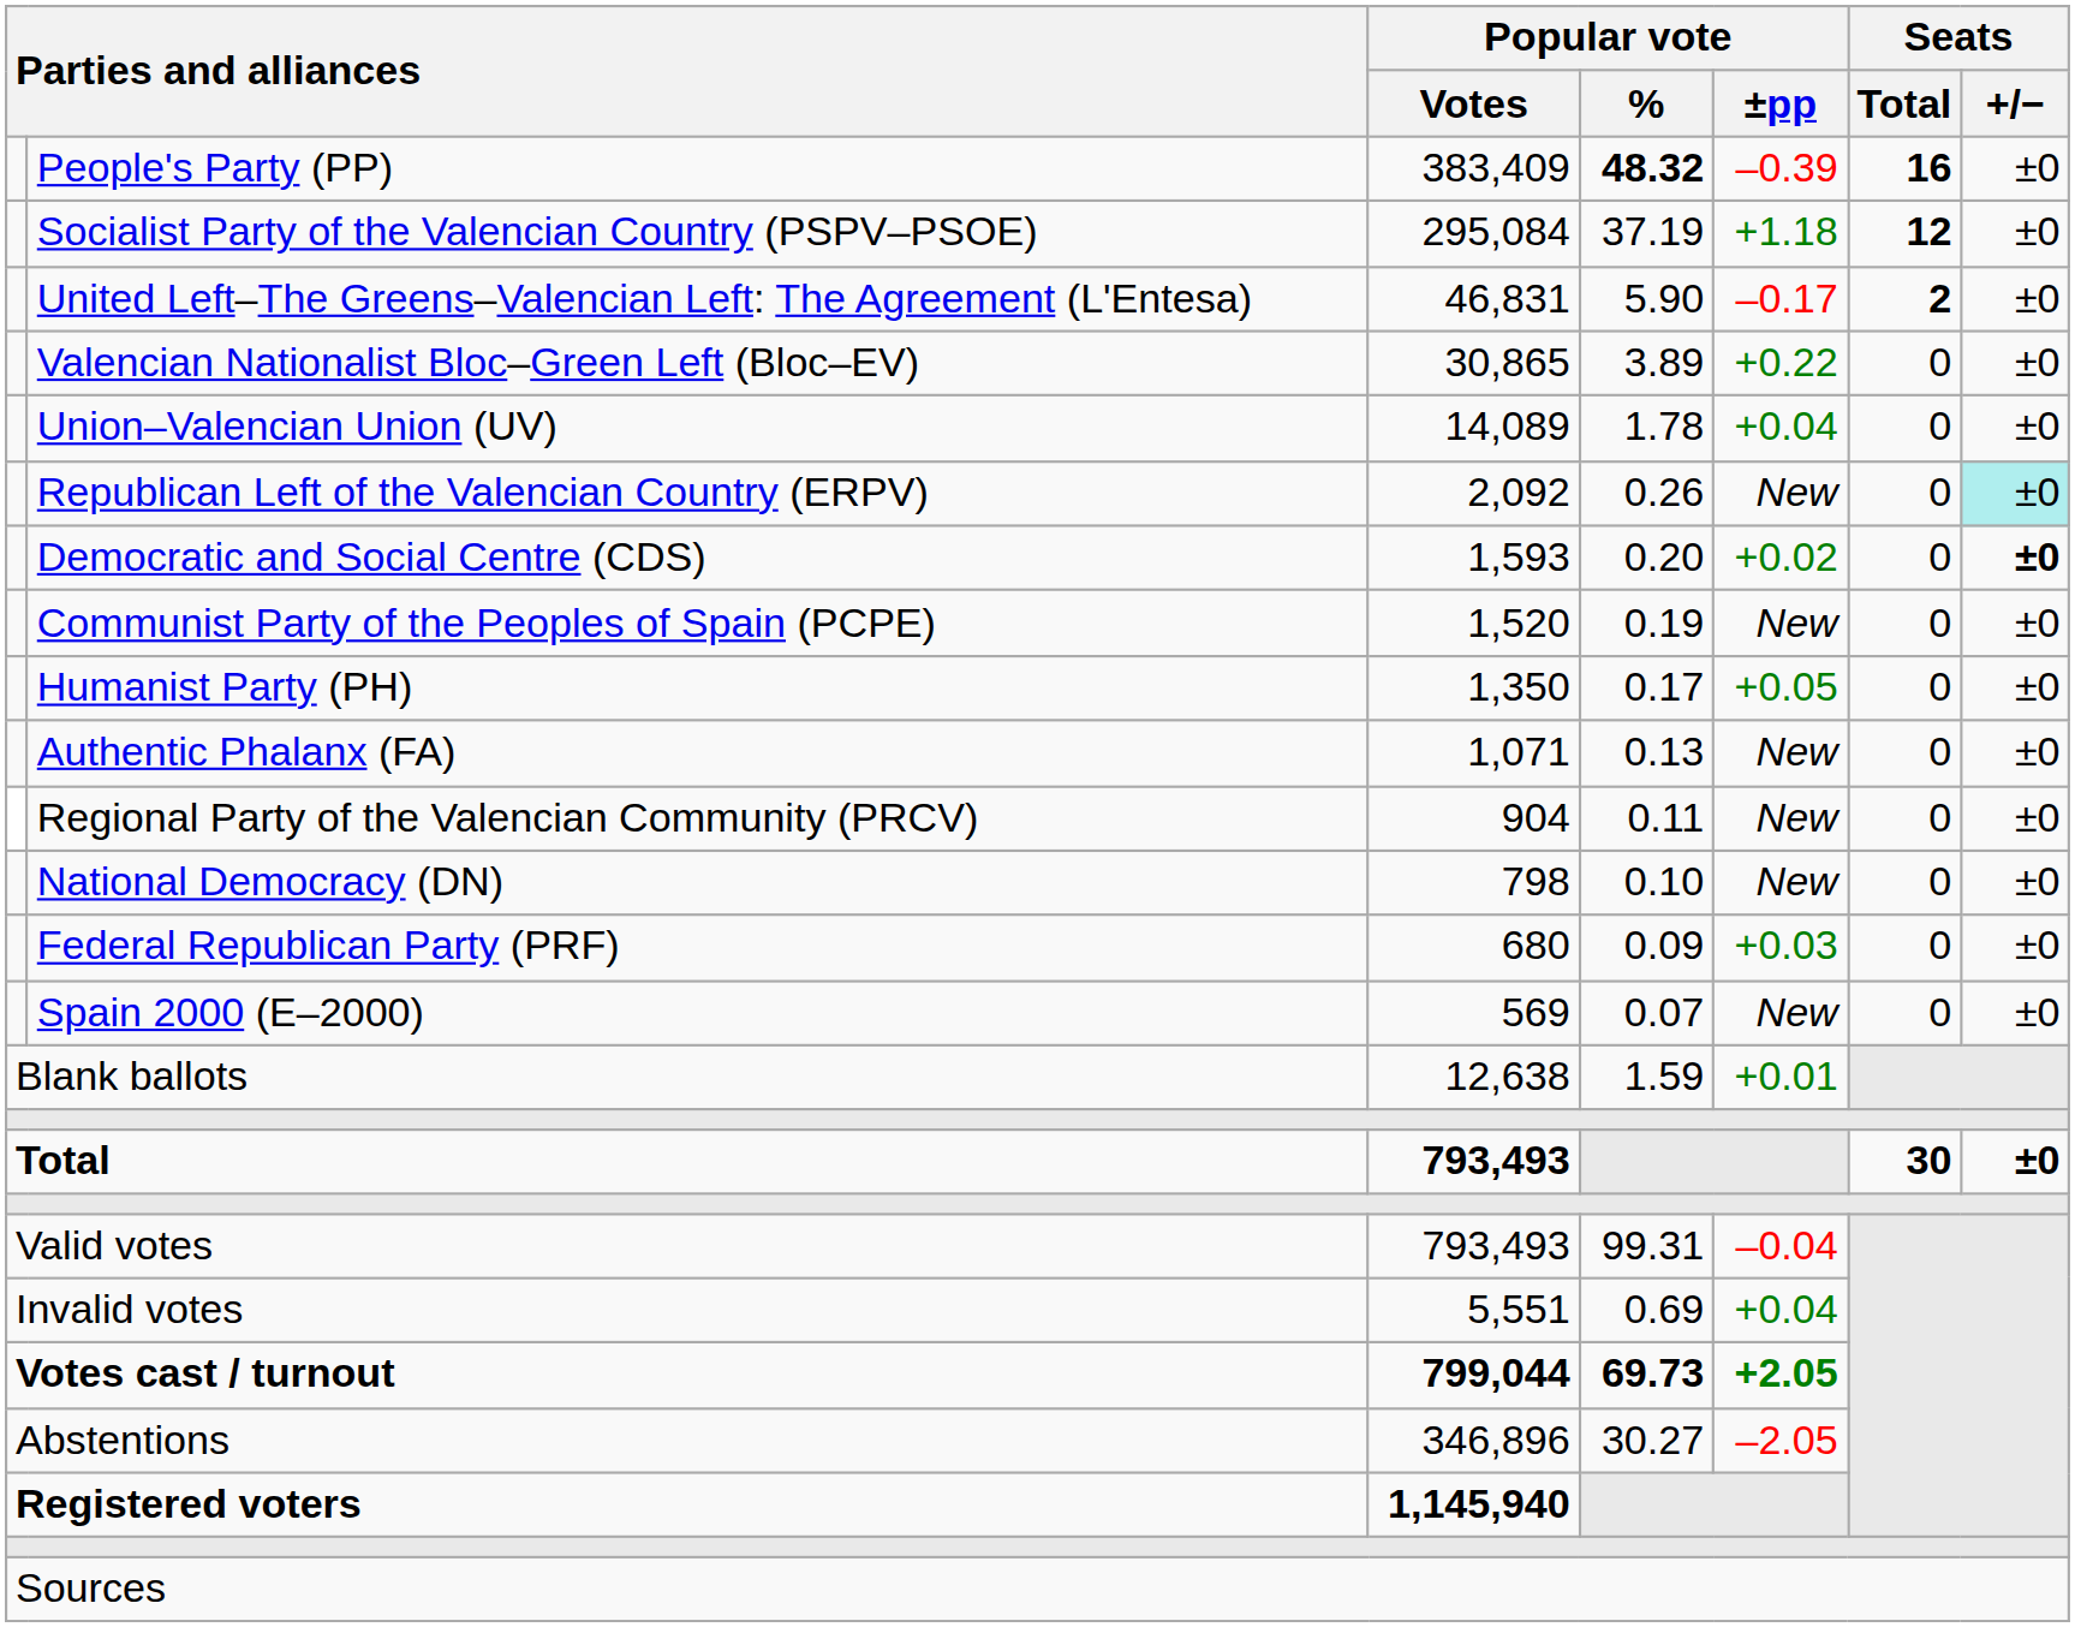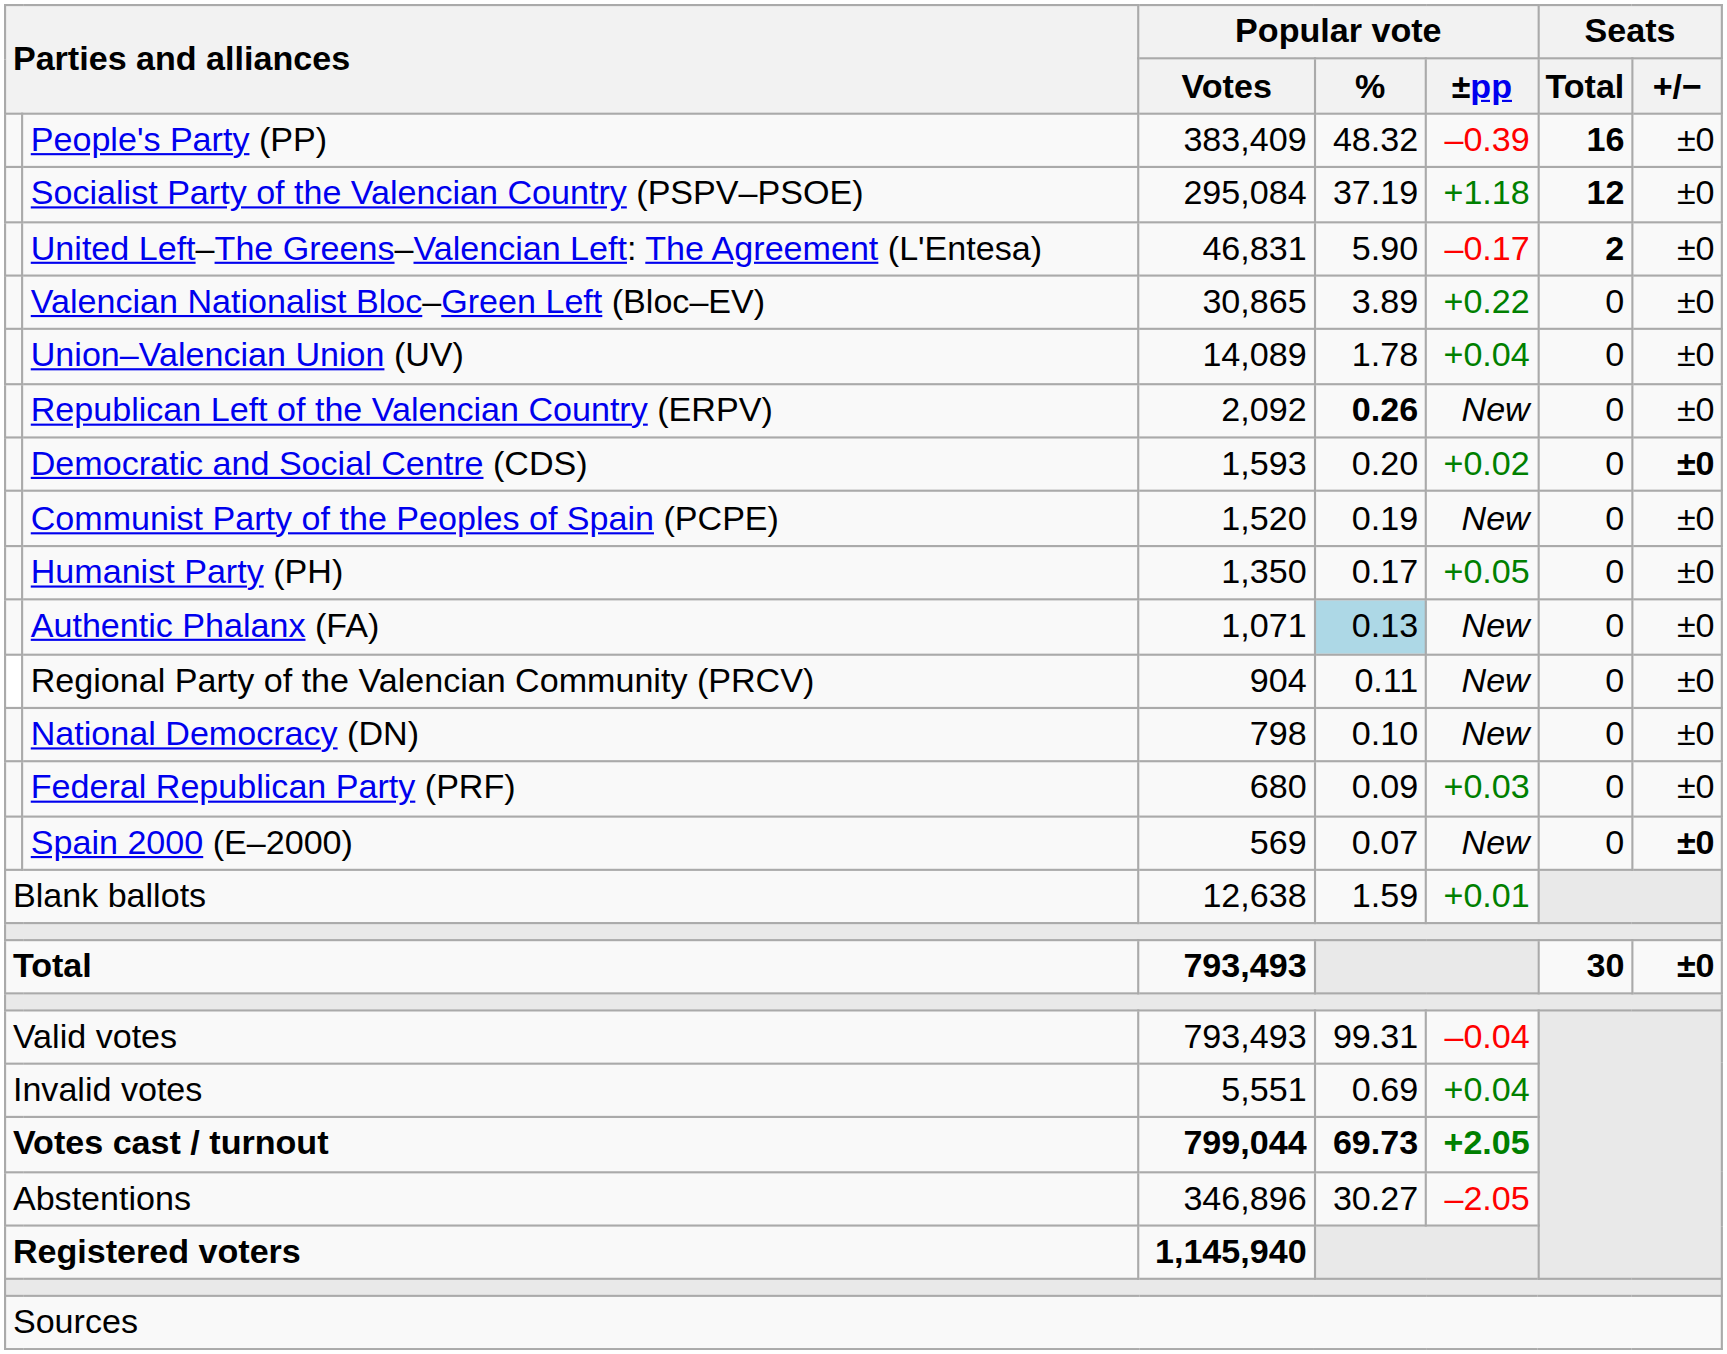 <table class="wikitable" style="text-align:right;">
 <tr>
 <th style="text-align:left;" rowspan="2" colspan="2" width="525">Parties and alliances</th>
 <th colspan="3">Popular vote</th>
 <th colspan="2">Seats</th>
 </tr>
 <tr>
 <th width="75">Votes</th>
 <th width="45">%</th>
 <th width="45">±<a href='#'>pp</a></th>
 <th width="35">Total</th>
 <th width="35">+/−</th>
 </tr>
 <tr>
 <td width="1" style="color:inherit;background:"></td>
 <td align="left"><a href='#'>People's Party</a> (PP)</td>
 <td>383,409</td>
-<td><strong>48.32</strong></td>
+<td>48.32</td>
 <td style="color:red;">–0.39</td>
 <td><strong>16</strong></td>
 <td>±0</td>
 </tr>
 <tr>
 <td style="color:inherit;background:"></td>
 <td align="left"><a href='#'>Socialist Party of the Valencian Country</a> (PSPV–PSOE)</td>
 <td>295,084</td>
 <td>37.19</td>
 <td style="color:green;">+1.18</td>
 <td><strong>12</strong></td>
 <td>±0</td>
 </tr>
 <tr>
 <td style="color:inherit;background:"></td>
 <td align="left"><a href='#'>United Left</a>–<a href='#'>The Greens</a>–<a href='#'>Valencian Left</a>: <a href='#'>The Agreement</a> (L'Entesa)</td>
 <td>46,831</td>
 <td>5.90</td>
 <td style="color:red;">–0.17</td>
 <td><strong>2</strong></td>
 <td>±0</td>
 </tr>
 <tr>
 <td style="color:inherit;background:"></td>
 <td align="left"><a href='#'>Valencian Nationalist Bloc</a>–<a href='#'>Green Left</a> (Bloc–EV)</td>
 <td>30,865</td>
 <td>3.89</td>
 <td style="color:green;">+0.22</td>
 <td>0</td>
 <td>±0</td>
 </tr>
 <tr>
 <td style="color:inherit;background:"></td>
 <td align="left"><a href='#'>Union–Valencian Union</a> (UV)</td>
 <td>14,089</td>
 <td>1.78</td>
 <td style="color:green;">+0.04</td>
 <td>0</td>
 <td>±0</td>
 </tr>
 <tr>
 <td style="color:inherit;background:"></td>
 <td align="left"><a href='#'>Republican Left of the Valencian Country</a> (ERPV)</td>
 <td>2,092</td>
-<td>0.26</td>
+<td><strong>0.26</strong></td>
 <td><em>New</em></td>
 <td>0</td>
-<td style="background: paleturquoise;">±0</td>
+<td>±0</td>
 </tr>
 <tr>
 <td style="color:inherit;background:"></td>
 <td align="left"><a href='#'>Democratic and Social Centre</a> (CDS)</td>
 <td>1,593</td>
 <td>0.20</td>
 <td style="color:green;">+0.02</td>
 <td>0</td>
 <td><strong>±0</strong></td>
 </tr>
 <tr>
 <td style="color:inherit;background:"></td>
 <td align="left"><a href='#'>Communist Party of the Peoples of Spain</a> (PCPE)</td>
 <td>1,520</td>
 <td>0.19</td>
 <td><em>New</em></td>
 <td>0</td>
 <td>±0</td>
 </tr>
 <tr>
 <td style="color:inherit;background:"></td>
 <td align="left"><a href='#'>Humanist Party</a> (PH)</td>
 <td>1,350</td>
 <td>0.17</td>
 <td style="color:green;">+0.05</td>
 <td>0</td>
 <td>±0</td>
 </tr>
 <tr>
 <td style="color:inherit;background:"></td>
 <td align="left"><a href='#'>Authentic Phalanx</a> (FA)</td>
 <td>1,071</td>
-<td>0.13</td>
+<td style="background: lightblue;">0.13</td>
 <td><em>New</em></td>
 <td>0</td>
 <td>±0</td>
 </tr>
 <tr>
 <td bgcolor="white"></td>
 <td align="left">Regional Party of the Valencian Community (PRCV)</td>
 <td>904</td>
 <td>0.11</td>
 <td><em>New</em></td>
 <td>0</td>
 <td>±0</td>
 </tr>
 <tr>
 <td style="color:inherit;background:"></td>
 <td align="left"><a href='#'>National Democracy</a> (DN)</td>
 <td>798</td>
 <td>0.10</td>
 <td><em>New</em></td>
 <td>0</td>
 <td>±0</td>
 </tr>
 <tr>
 <td style="color:inherit;background:"></td>
 <td align="left"><a href='#'>Federal Republican Party</a> (PRF)</td>
 <td>680</td>
 <td>0.09</td>
 <td style="color:green;">+0.03</td>
 <td>0</td>
 <td>±0</td>
 </tr>
 <tr>
 <td style="color:inherit;background:"></td>
 <td align="left"><a href='#'>Spain 2000</a> (E–2000)</td>
 <td>569</td>
 <td>0.07</td>
 <td><em>New</em></td>
 <td>0</td>
-<td>±0</td>
+<td><strong>±0</strong></td>
 </tr>
 <tr>
 <td align="left" colspan="2">Blank ballots</td>
 <td>12,638</td>
 <td>1.59</td>
 <td style="color:green;">+0.01</td>
 <td bgcolor="#E9E9E9" colspan="2"></td>
 </tr>
 <tr>
 <td colspan="7" bgcolor="#E9E9E9"></td>
 </tr>
 <tr style="font-weight:bold;">
 <td align="left" colspan="2">Total</td>
 <td>793,493</td>
 <td bgcolor="#E9E9E9" colspan="2"></td>
 <td>30</td>
 <td>±0</td>
 </tr>
 <tr>
 <td colspan="7" bgcolor="#E9E9E9"></td>
 </tr>
 <tr>
 <td align="left" colspan="2">Valid votes</td>
 <td>793,493</td>
 <td>99.31</td>
 <td style="color:red;">–0.04</td>
 <td bgcolor="#E9E9E9" colspan="2" rowspan="5"></td>
 </tr>
 <tr>
 <td align="left" colspan="2">Invalid votes</td>
 <td>5,551</td>
 <td>0.69</td>
 <td style="color:green;">+0.04</td>
 </tr>
 <tr style="font-weight:bold;">
 <td align="left" colspan="2">Votes cast / turnout</td>
 <td>799,044</td>
 <td>69.73</td>
 <td style="color:green;">+2.05</td>
 </tr>
 <tr>
 <td align="left" colspan="2">Abstentions</td>
 <td>346,896</td>
 <td>30.27</td>
 <td style="color:red;">–2.05</td>
 </tr>
 <tr style="font-weight:bold;">
 <td align="left" colspan="2">Registered voters</td>
 <td>1,145,940</td>
 <td bgcolor="#E9E9E9" colspan="2"></td>
 </tr>
 <tr>
 <td colspan="7" bgcolor="#E9E9E9"></td>
 </tr>
 <tr>
 <td align="left" colspan="7">Sources</td>
 </tr>
 </table>
